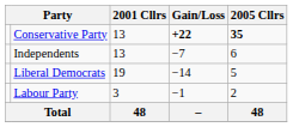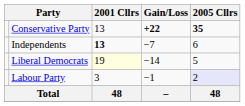 <table class="wikitable">
 <tr>
 <th colspan="2">Party</th>
 <th>2001 Cllrs</th>
 <th>Gain/Loss</th>
 <th>2005 Cllrs</th>
 </tr>
 <tr>
 <td></td>
 <td><a href='#'>Conservative Party</a></td>
 <td>13</td>
 <td><strong>+22</strong></td>
 <td><strong>35</strong></td>
 </tr>
 <tr>
 <td></td>
 <td>Independents</td>
-<td>13</td>
+<td><strong>13</strong></td>
 <td>−7</td>
 <td>6</td>
 </tr>
 <tr>
 <td></td>
 <td><a href='#'>Liberal Democrats</a></td>
-<td>19</td>
+<td style="background: lightyellow;">19</td>
 <td>−14</td>
 <td>5</td>
 </tr>
 <tr>
 <td></td>
 <td><a href='#'>Labour Party</a></td>
 <td>3</td>
 <td>−1</td>
-<td>2</td>
+<td style="background: lavender;">2</td>
 </tr>
 <tr>
 <th colspan="2">Total</th>
 <th>48</th>
 <th>–</th>
 <th>48</th>
 </tr>
 <tr>
 </tr>
 </table>
